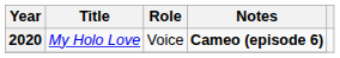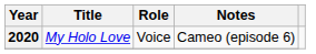 <table class="wikitable plainrowheaders">
 <tr>
 <th scope="col">Year</th>
 <th scope="col">Title</th>
 <th scope="col">Role</th>
 <th scope="col">Notes</th>
 <th scope="col" class="unsortable"></th>
 </tr>
 <tr>
 <th scope="row">2020</th>
 <td><em><a href='#'>My Holo Love</a></em></td>
 <td>Voice</td>
-<td><strong>Cameo (episode 6)</strong></td>
+<td>Cameo (episode 6)</td>
 </tr>
 <tr>
 </tr>
 </table>
